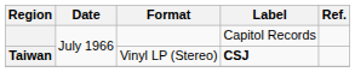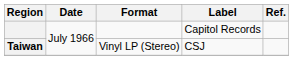 <table class="wikitable plainrowheaders">
 <tr>
 <th scope="col">Region</th>
 <th scope="col">Date</th>
 <th scope="col">Format</th>
 <th scope="col">Label</th>
 <th scope="col">Ref.</th>
 </tr>
 <tr>
 <th scope="row"></th>
 <td rowspan="2">July 1966</td>
 <td></td>
 <td>Capitol Records</td>
 <td></td>
 </tr>
 <tr>
 <th scope="row">Taiwan</th>
 <td>Vinyl LP (Stereo)</td>
-<td><strong>CSJ</strong></td>
+<td>CSJ</td>
 <td></td>
 </tr>
 <tr>
 </tr>
 </table>
